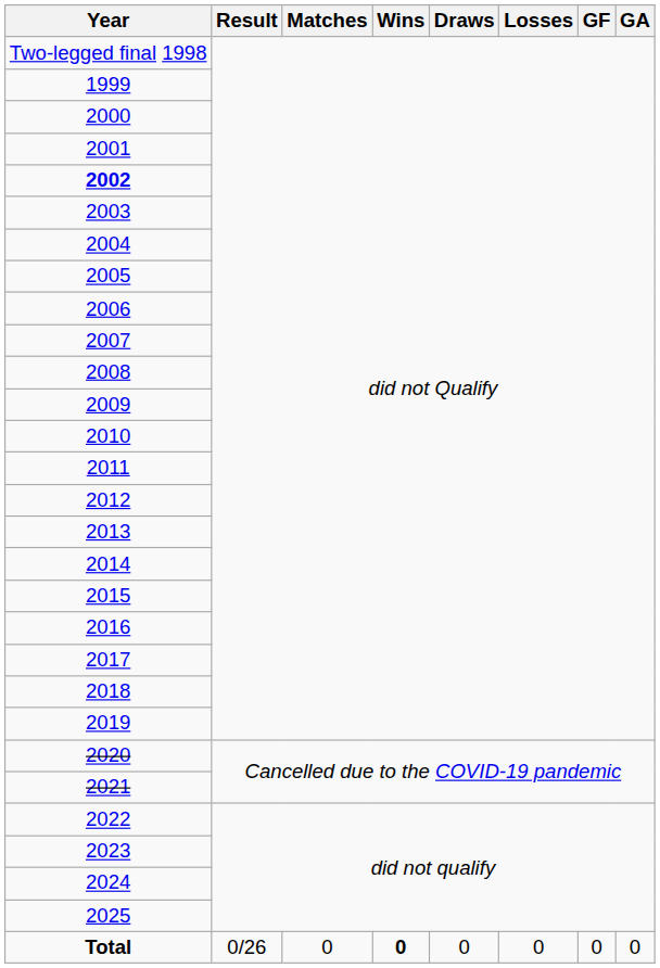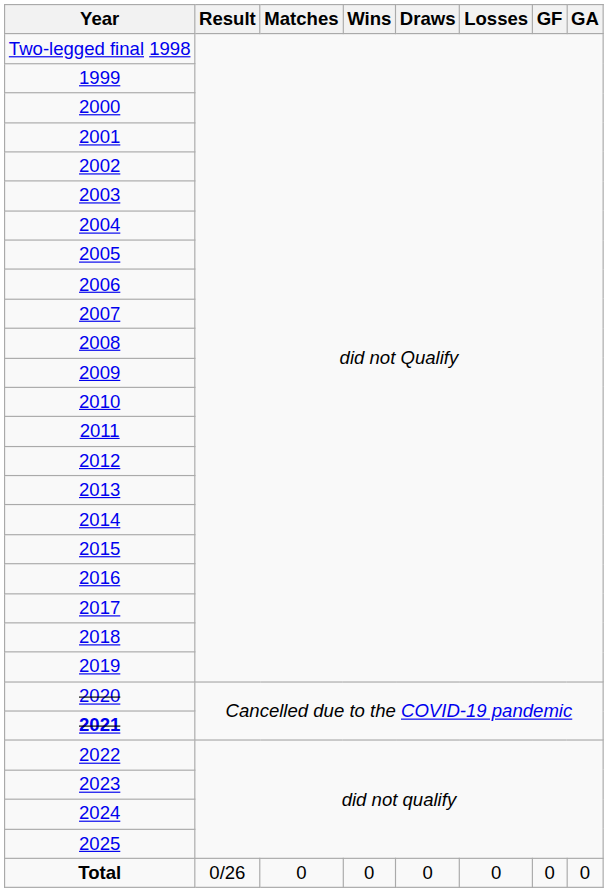 <table class="wikitable" style="text-align: center;">
 <tr>
 <th>Year</th>
 <th>Result</th>
 <th>Matches</th>
 <th>Wins</th>
 <th>Draws</th>
 <th>Losses</th>
 <th>GF</th>
 <th>GA</th>
 </tr>
 <tr>
 <td><a href='#'>Two-legged final</a> <a href='#'>1998</a></td>
 <td colspan=7 rowspan=22><em>did not Qualify</em></td>
 </tr>
 <tr>
 <td> <a href='#'>1999</a></td>
 </tr>
 <tr>
 <td> <a href='#'>2000</a></td>
 </tr>
 <tr>
 <td> <a href='#'>2001</a></td>
 </tr>
 <tr>
-<td><strong> <a href='#'>2002</a></strong></td>
+<td> <a href='#'>2002</a></td>
 </tr>
 <tr>
 <td> <a href='#'>2003</a></td>
 </tr>
 <tr>
 <td> <a href='#'>2004</a></td>
 </tr>
 <tr>
 <td> <a href='#'>2005</a></td>
 </tr>
 <tr>
 <td> <a href='#'>2006</a></td>
 </tr>
 <tr>
 <td> <a href='#'>2007</a></td>
 </tr>
 <tr>
 <td> <a href='#'>2008</a></td>
 </tr>
 <tr>
 <td> <a href='#'>2009</a></td>
 </tr>
 <tr>
 <td> <a href='#'>2010</a></td>
 </tr>
 <tr>
 <td> <a href='#'>2011</a></td>
 </tr>
 <tr>
 <td> <a href='#'>2012</a></td>
 </tr>
 <tr>
 <td> <a href='#'>2013</a></td>
 </tr>
 <tr>
 <td> <a href='#'>2014</a></td>
 </tr>
 <tr>
 <td> <a href='#'>2015</a></td>
 </tr>
 <tr>
 <td> <a href='#'>2016</a></td>
 </tr>
 <tr>
 <td> <a href='#'>2017</a></td>
 </tr>
 <tr>
 <td> <a href='#'>2018</a></td>
 </tr>
 <tr>
 <td> <a href='#'>2019</a></td>
 </tr>
 <tr>
 <td> <s><a href='#'>2020</a></s></td>
 <td colspan=7 rowspan=2><em>Cancelled due to the <a href='#'>COVID-19 pandemic</a></em></td>
 </tr>
 <tr>
-<td> <s><a href='#'>2021</a></s></td>
+<td><strong> <s><a href='#'>2021</a></s></strong></td>
 </tr>
 <tr>
 <td> <a href='#'>2022</a></td>
 <td colspan=7 rowspan=4><em>did not qualify</em></td>
 </tr>
 <tr>
 <td> <a href='#'>2023</a></td>
 </tr>
 <tr>
 <td> <a href='#'>2024</a></td>
 </tr>
 <tr>
 <td> <a href='#'>2025</a></td>
 </tr>
 <tr>
 <td><strong>Total</strong></td>
 <td>0/26</td>
 <td>0</td>
-<td><strong>0</strong></td>
+<td>0</td>
 <td>0</td>
 <td>0</td>
 <td>0</td>
 <td>0</td>
 </tr>
 </table>
